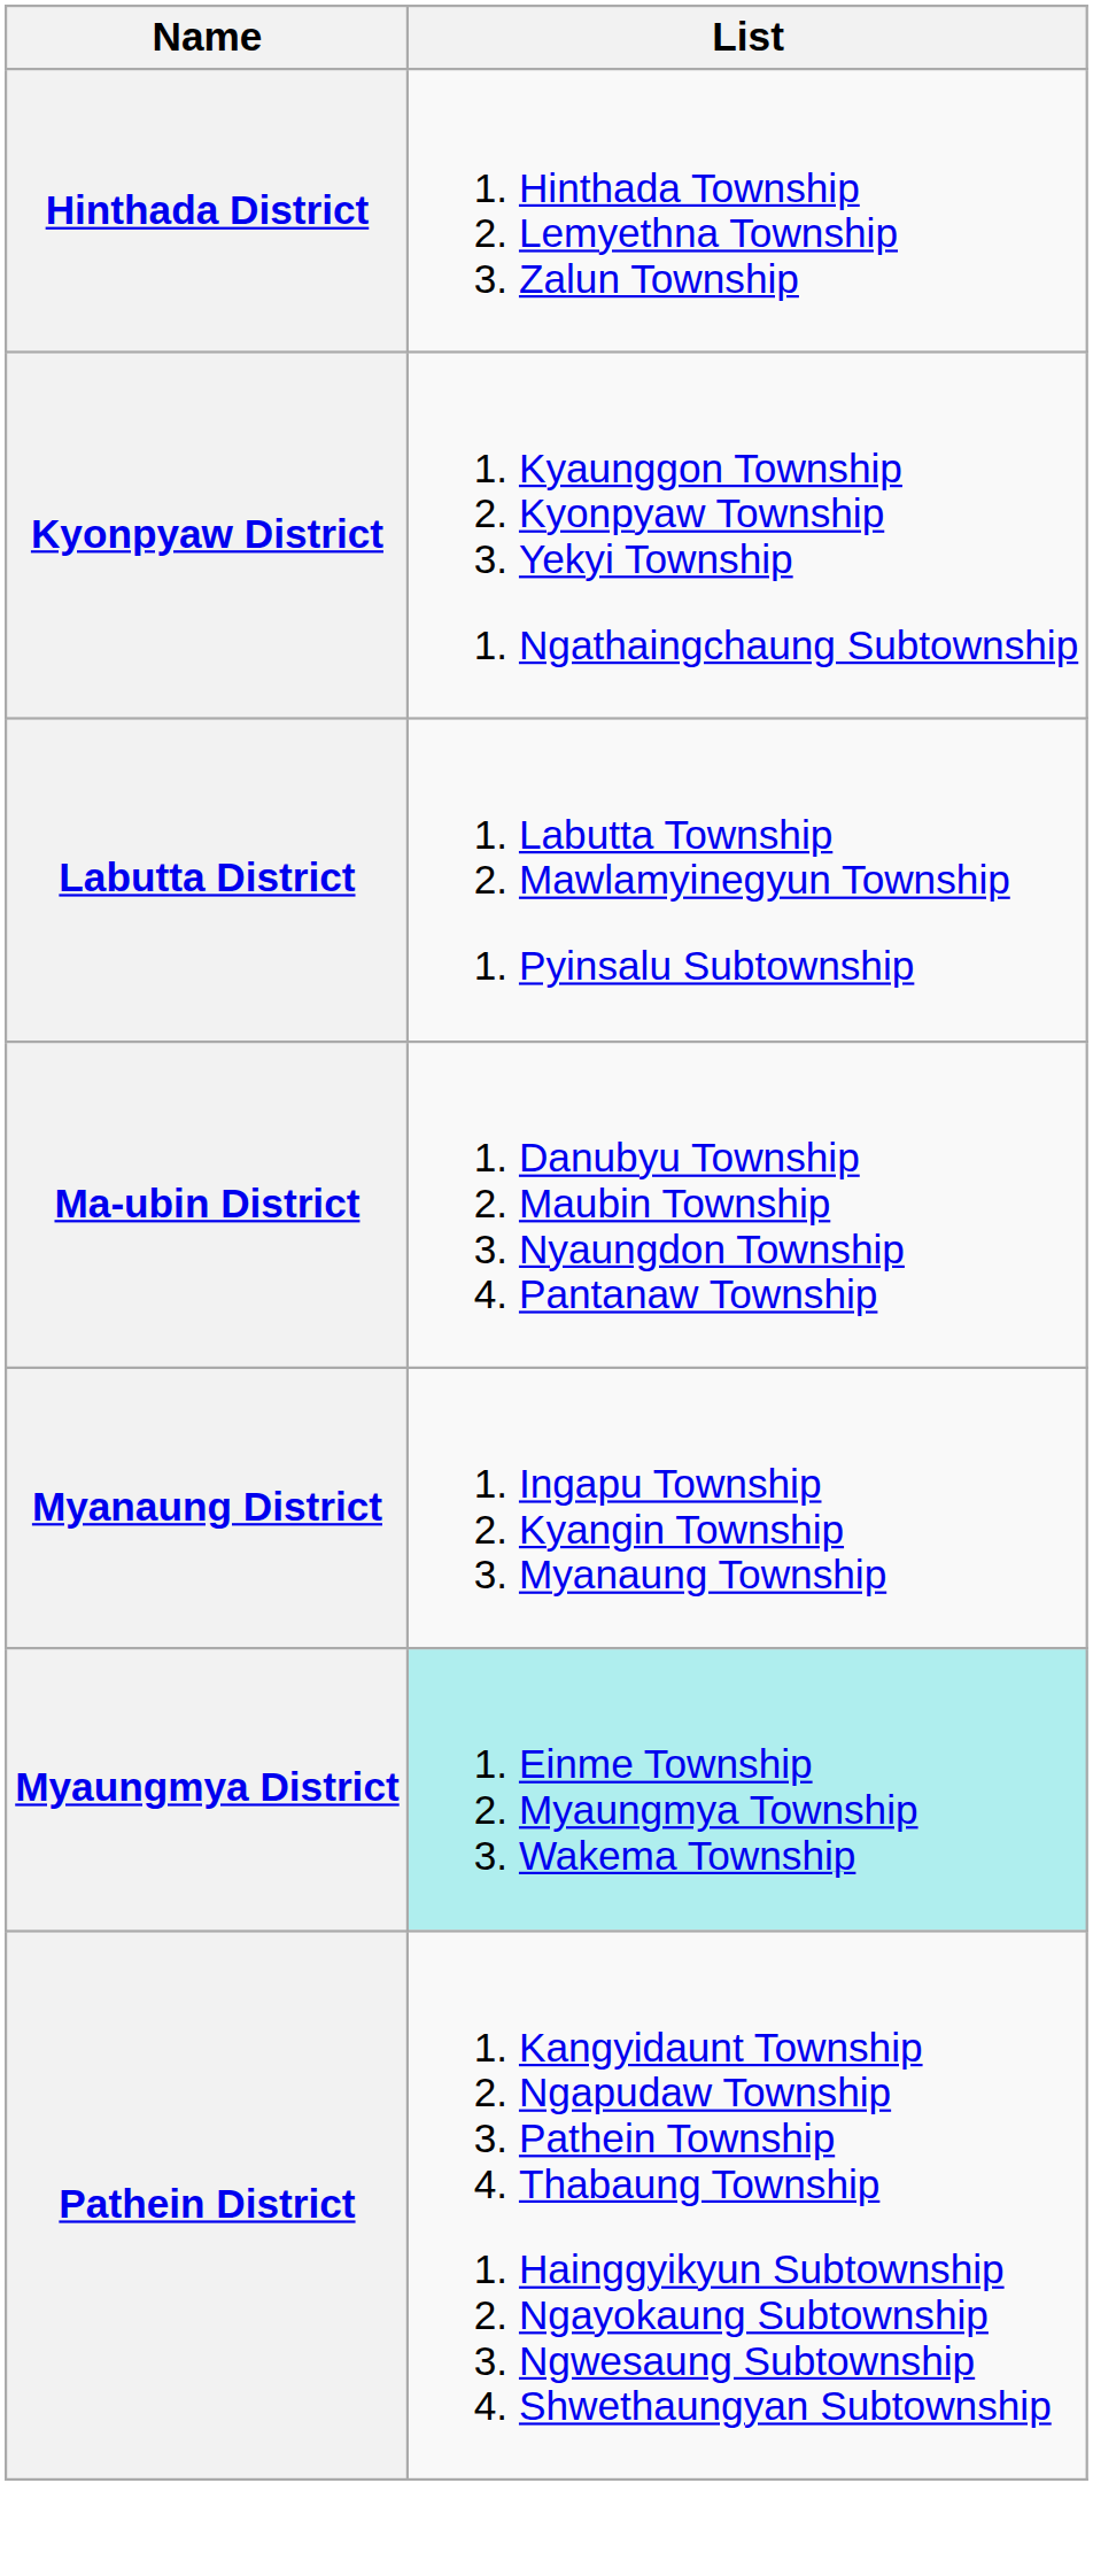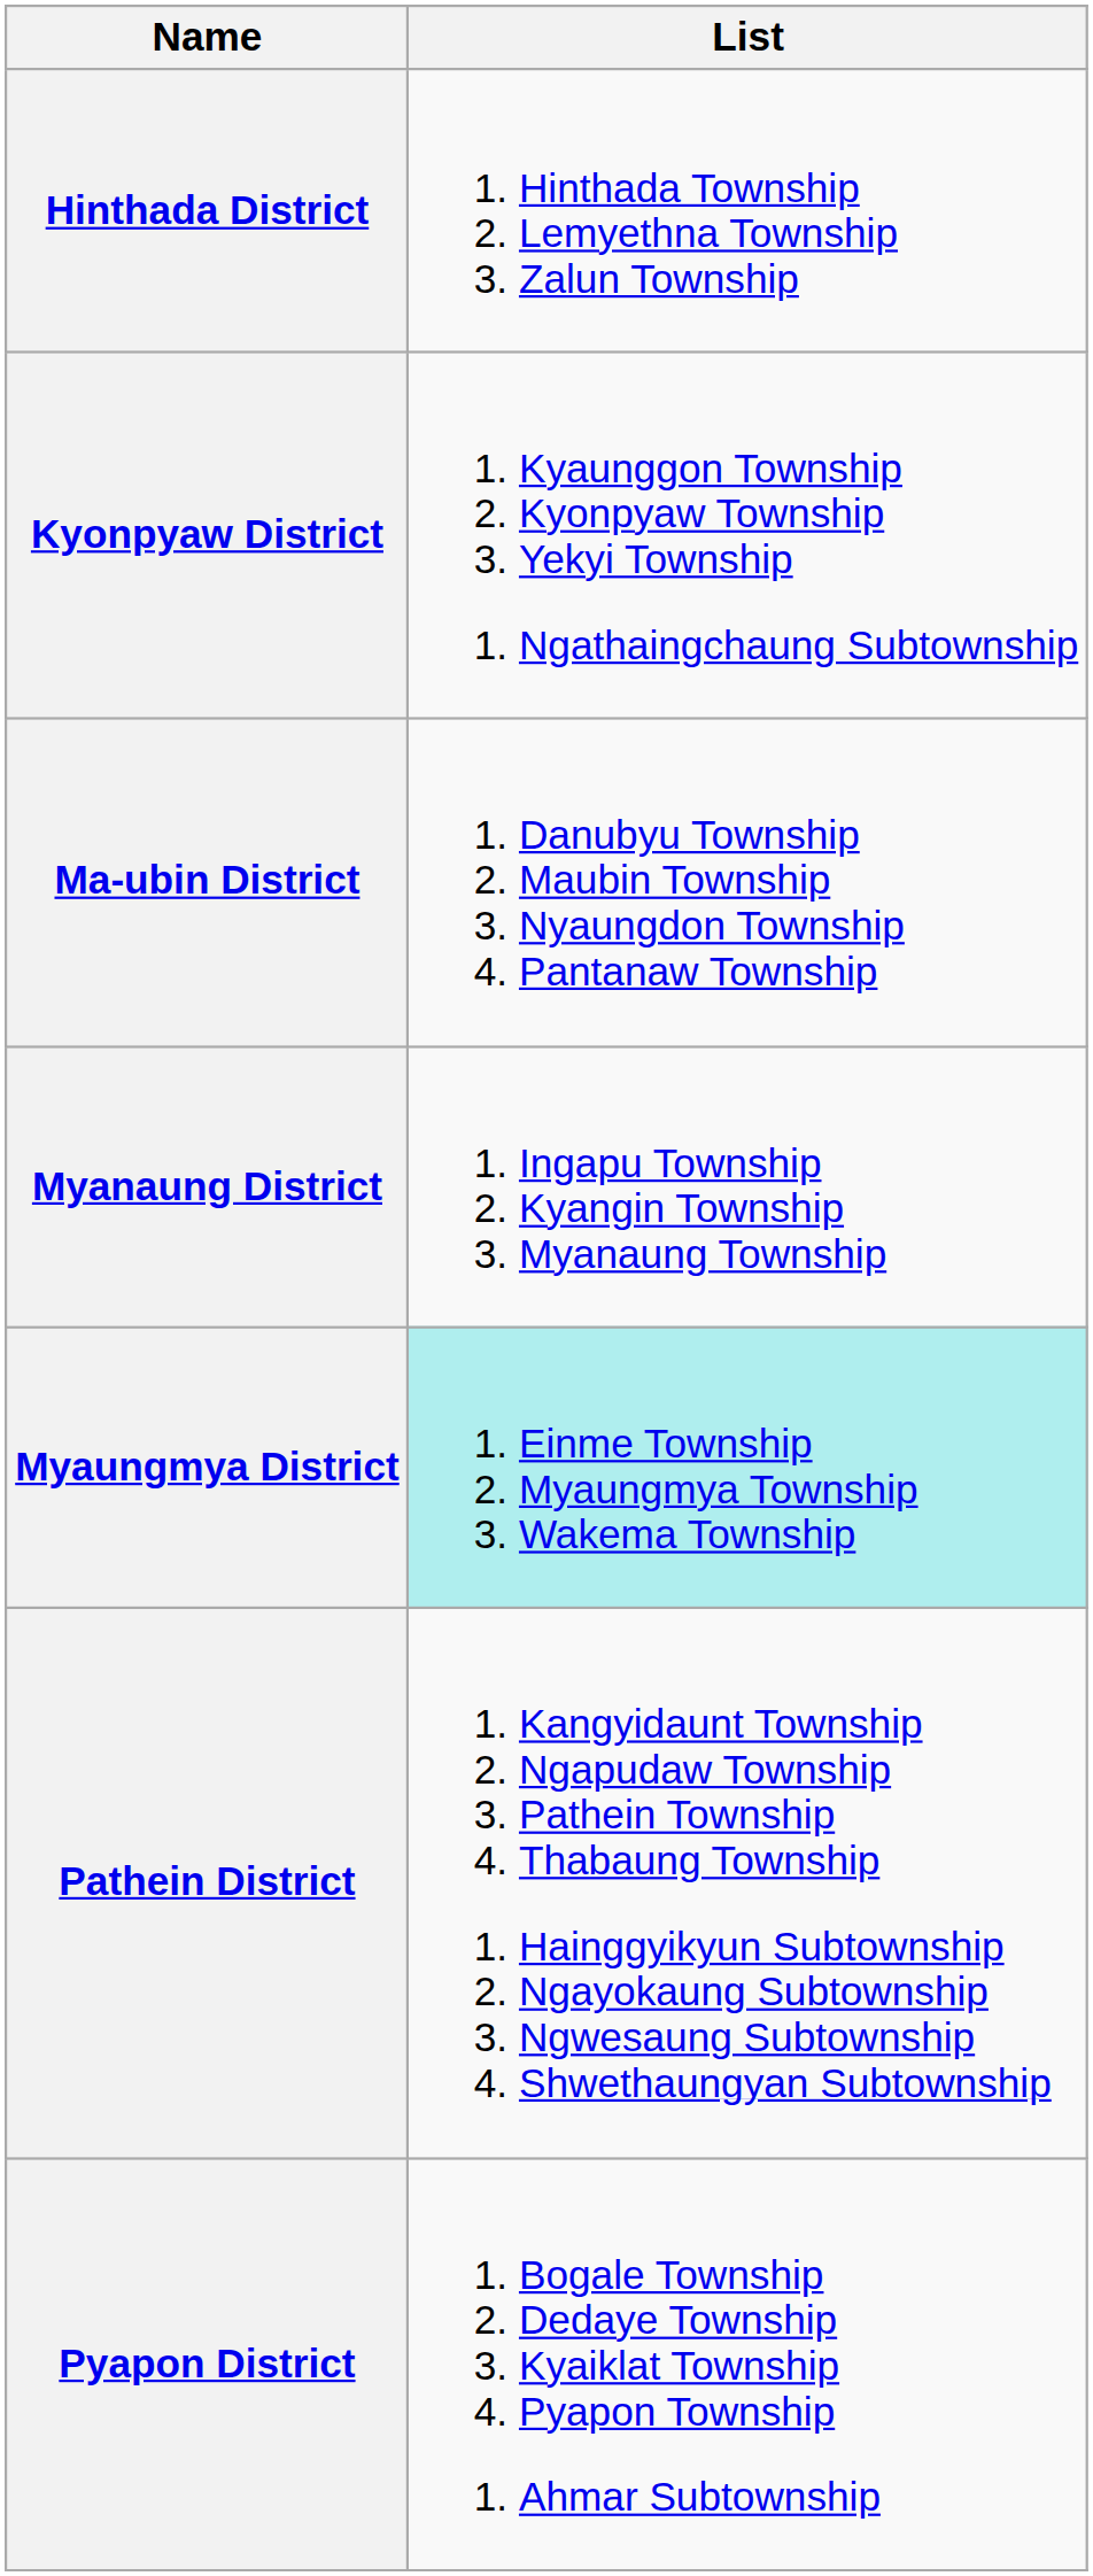 <table class=wikitable>
 <tr>
 <th>Name</th>
 <th>List</th>
 </tr>
 <tr>
 <th><a href='#'>Hinthada District</a></th>
 <td><br><ol><li><a href='#'>Hinthada Township</a></li><li><a href='#'>Lemyethna Township</a></li><li><a href='#'>Zalun Township</a></li></ol></td>
 </tr>
 <tr>
 <th><a href='#'>Kyonpyaw District</a></th>
 <td><br> <ol><li><a href='#'>Kyaunggon Township</a></li><li><a href='#'>Kyonpyaw Township</a></li><li><a href='#'>Yekyi Township</a></li></ol><ol><li><a href='#'>Ngathaingchaung Subtownship</a></li></ol></td>
-</tr>
-<tr>
-<th><a href='#'>Labutta District</a></th>
-<td><br> <ol><li><a href='#'>Labutta Township</a></li><li><a href='#'>Mawlamyinegyun Township</a></li></ol><ol><li><a href='#'>Pyinsalu Subtownship</a></li></ol></td>
 </tr>
 <tr>
 <th><a href='#'>Ma-ubin District</a></th>
 <td><br><ol><li><a href='#'>Danubyu Township</a></li><li><a href='#'>Maubin Township</a></li><li><a href='#'>Nyaungdon Township</a></li><li><a href='#'>Pantanaw Township</a></li></ol></td>
 </tr>
 <tr>
 <th><a href='#'>Myanaung District</a></th>
 <td><br><ol><li><a href='#'>Ingapu Township</a></li><li><a href='#'>Kyangin Township</a></li><li><a href='#'>Myanaung Township</a></li></ol></td>
 </tr>
 <tr>
 <th><a href='#'>Myaungmya District</a></th>
 <td style="background: paleturquoise;"><br><ol><li><a href='#'>Einme Township</a></li><li><a href='#'>Myaungmya Township</a></li><li><a href='#'>Wakema Township</a></li></ol></td>
 </tr>
 <tr>
 <th><a href='#'>Pathein District</a></th>
 <td><br> <ol><li><a href='#'>Kangyidaunt Township</a></li><li><a href='#'>Ngapudaw Township</a></li><li><a href='#'>Pathein Township</a></li><li><a href='#'>Thabaung Township</a></li></ol><ol><li><a href='#'>Hainggyikyun Subtownship</a></li><li><a href='#'>Ngayokaung Subtownship</a></li><li><a href='#'>Ngwesaung Subtownship</a></li><li><a href='#'>Shwethaungyan Subtownship</a></li></ol></td>
 </tr>
+<tr>
+<th><a href='#'>Pyapon District</a></th>
+<td><br> <ol><li><a href='#'>Bogale Township</a></li><li><a href='#'>Dedaye Township</a></li><li><a href='#'>Kyaiklat Township</a></li><li><a href='#'>Pyapon Township</a></li></ol><ol><li><a href='#'>Ahmar Subtownship</a></li></ol></td>
+</tr>
 </table>
